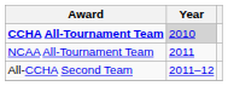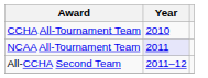 <table class="wikitable">
 <tr>
 <th>Award</th>
 <th>Year</th>
 <th></th>
 </tr>
 <tr>
-<td><strong><a href='#'>CCHA</a> <a href='#'>All-Tournament Team</a></strong></td>
-<td style="background: lightgrey;"><a href='#'>2010</a></td>
+<td><a href='#'>CCHA</a> <a href='#'>All-Tournament Team</a></td>
+<td><a href='#'>2010</a></td>
 <td></td>
 </tr>
 <tr>
 <td><a href='#'>NCAA</a> <a href='#'>All-Tournament Team</a></td>
-<td><a href='#'>2011</a></td>
+<td style="background: lavender;"><a href='#'>2011</a></td>
 <td></td>
 </tr>
 <tr>
 <td>All-<a href='#'>CCHA</a> <a href='#'>Second Team</a></td>
 <td><a href='#'>2011–12</a></td>
 <td></td>
 </tr>
 <tr>
 </tr>
 </table>
